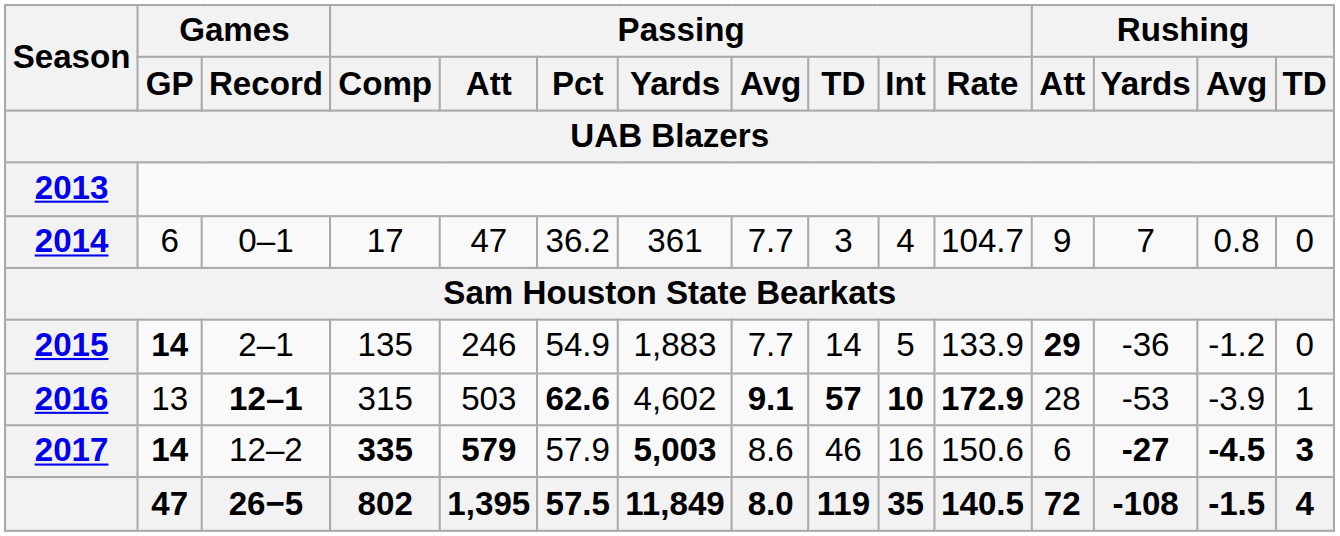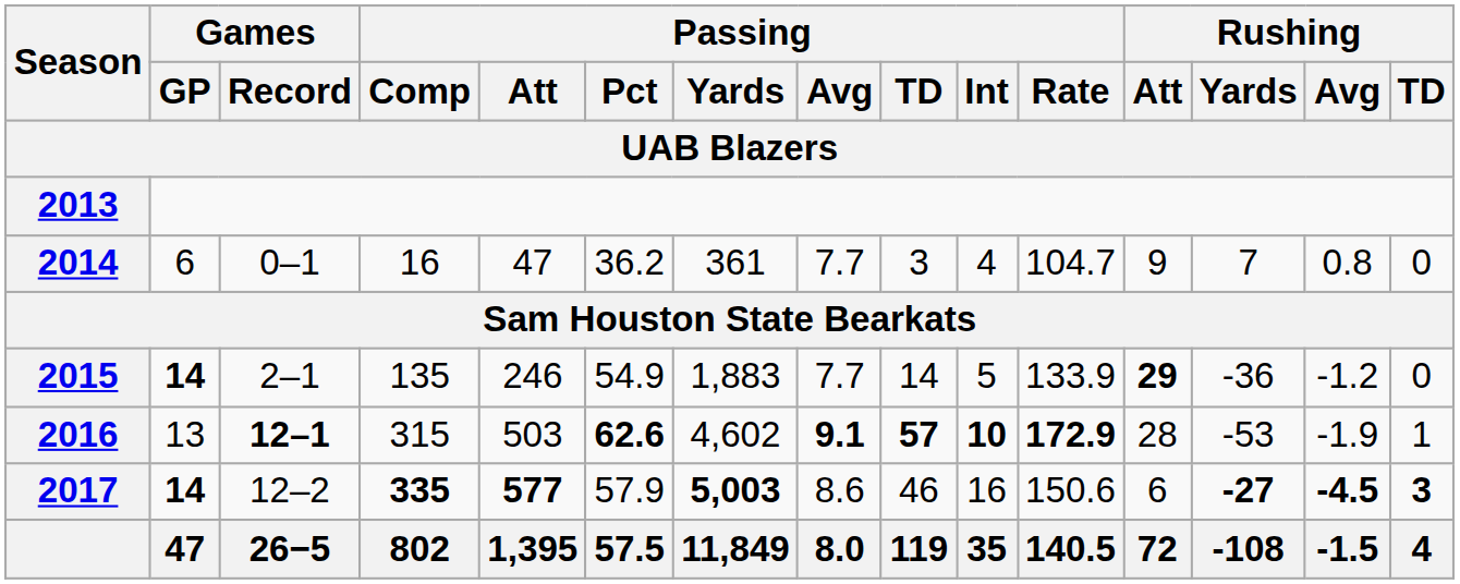 <table class="wikitable" style="text-align:center;">
 <tr>
 <th rowspan="2">Season</th>
 <th colspan="2">Games</th>
 <th colspan="8">Passing</th>
 <th colspan="4">Rushing</th>
 </tr>
 <tr>
 <th>GP</th>
 <th>Record</th>
 <th>Comp</th>
 <th>Att</th>
 <th>Pct</th>
 <th>Yards</th>
 <th>Avg</th>
 <th>TD</th>
 <th>Int</th>
 <th>Rate</th>
 <th>Att</th>
 <th>Yards</th>
 <th>Avg</th>
 <th>TD</th>
 </tr>
 <tr>
 <th colspan="16">UAB Blazers</th>
 </tr>
 <tr>
 <th><a href='#'>2013</a></th>
 <td colspan="15"></td>
 </tr>
 <tr>
 <th><a href='#'>2014</a></th>
 <td>6</td>
 <td>0–1</td>
-<td>17</td>
+<td>16</td>
 <td>47</td>
 <td>36.2</td>
 <td>361</td>
 <td>7.7</td>
 <td>3</td>
 <td>4</td>
 <td>104.7</td>
 <td>9</td>
 <td>7</td>
 <td>0.8</td>
 <td>0</td>
 </tr>
 <tr>
 <th colspan="16">Sam Houston State Bearkats</th>
 </tr>
 <tr>
 <th><a href='#'>2015</a></th>
 <td><strong>14</strong></td>
 <td>2–1</td>
 <td>135</td>
 <td>246</td>
 <td>54.9</td>
 <td>1,883</td>
 <td>7.7</td>
 <td>14</td>
 <td>5</td>
 <td>133.9</td>
 <td><strong>29</strong></td>
 <td>-36</td>
 <td>-1.2</td>
 <td>0</td>
 </tr>
 <tr>
 <th><a href='#'>2016</a></th>
 <td>13</td>
 <td><strong>12–1</strong></td>
 <td>315</td>
 <td>503</td>
 <td><strong>62.6</strong></td>
 <td>4,602</td>
 <td><strong>9.1</strong></td>
 <td><strong>57</strong></td>
 <td><strong>10</strong></td>
 <td><strong>172.9</strong></td>
 <td>28</td>
 <td>-53</td>
-<td>-3.9</td>
+<td>-1.9</td>
 <td>1</td>
 </tr>
 <tr>
 <th><a href='#'>2017</a></th>
 <td><strong>14</strong></td>
 <td>12–2</td>
 <td><strong>335</strong></td>
-<td><strong>579</strong></td>
+<td><strong>577</strong></td>
 <td>57.9</td>
 <td><strong>5,003</strong></td>
 <td>8.6</td>
 <td>46</td>
 <td>16</td>
 <td>150.6</td>
 <td>6</td>
 <td><strong>-27</strong></td>
 <td><strong>-4.5</strong></td>
 <td><strong>3</strong></td>
 </tr>
 <tr>
 <th></th>
 <th>47</th>
 <th>26−5</th>
 <th>802</th>
 <th>1,395</th>
 <th>57.5</th>
 <th>11,849</th>
 <th>8.0</th>
 <th>119</th>
 <th>35</th>
 <th>140.5</th>
 <th>72</th>
 <th>-108</th>
 <th>-1.5</th>
 <th>4</th>
 </tr>
 </table>
